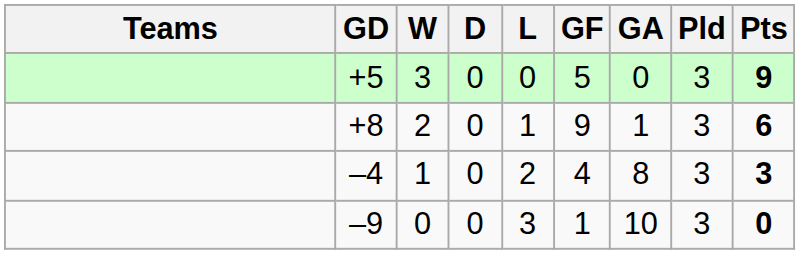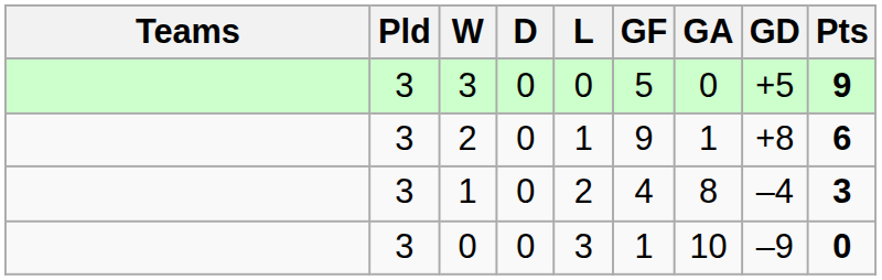 <table class="wikitable" style="text-align: center;">
 <tr>
 <th width=165>Teams</th>
-<th width=20>GD</th>
+<th width=20>Pld</th>
 <th width=20>W</th>
 <th width=20>D</th>
 <th width=20>L</th>
 <th width=20>GF</th>
 <th width=20>GA</th>
-<th width=20>Pld</th>
+<th width=20>GD</th>
 <th width=20>Pts</th>
 </tr>
 <tr align=center style="background:#ccffcc;">
 <td style="text-align:left;"></td>
-<td>+5</td>
+<td>3</td>
 <td>3</td>
 <td>0</td>
 <td>0</td>
 <td>5</td>
 <td>0</td>
-<td>3</td>
+<td>+5</td>
 <td><strong>9</strong></td>
 </tr>
 <tr align=center>
 <td style="text-align:left;"></td>
-<td>+8</td>
+<td>3</td>
 <td>2</td>
 <td>0</td>
 <td>1</td>
 <td>9</td>
 <td>1</td>
-<td>3</td>
+<td>+8</td>
 <td><strong>6</strong></td>
 </tr>
 <tr align=center>
 <td style="text-align:left;"></td>
-<td>–4</td>
+<td>3</td>
 <td>1</td>
 <td>0</td>
 <td>2</td>
 <td>4</td>
 <td>8</td>
-<td>3</td>
+<td>–4</td>
 <td><strong>3</strong></td>
 </tr>
 <tr align=center>
 <td style="text-align:left;"></td>
-<td>–9</td>
+<td>3</td>
 <td>0</td>
 <td>0</td>
 <td>3</td>
 <td>1</td>
 <td>10</td>
-<td>3</td>
+<td>–9</td>
 <td><strong>0</strong></td>
 </tr>
 </table>
